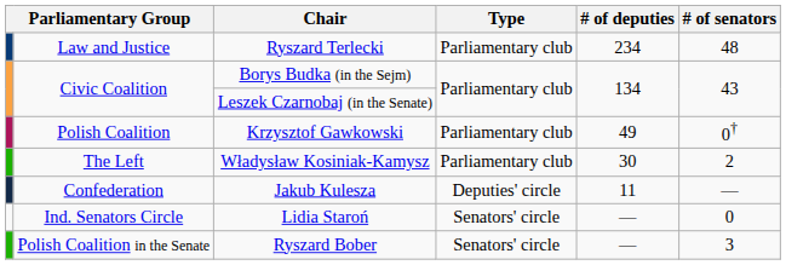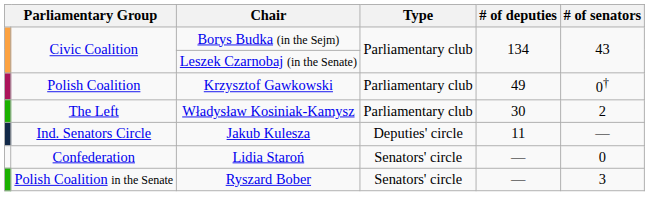 <table class="wikitable" width="auto" style="text-align: center">
 <tr>
 <th colspan="2">Parliamentary Group</th>
 <th>Chair</th>
 <th>Type</th>
 <th># of deputies</th>
 <th># of senators</th>
-</tr>
-<tr>
-<td bgcolor="#073a76"></td>
-<td><a href='#'>Law and Justice</a></td>
-<td><a href='#'>Ryszard Terlecki</a></td>
-<td>Parliamentary club</td>
-<td>234</td>
-<td>48</td>
 </tr>
 <tr>
 <td rowspan="2" bgcolor="#fca241"></td>
 <td rowspan="2"><a href='#'>Civic Coalition</a></td>
 <td><a href='#'>Borys Budka</a> <small>(in the Sejm)</small></td>
 <td rowspan="2">Parliamentary club</td>
 <td rowspan="2">134</td>
 <td rowspan="2">43</td>
 </tr>
 <tr>
 <td><a href='#'>Leszek Czarnobaj</a> <small>(in the Senate)</small></td>
 </tr>
 <tr>
 <td bgcolor="#ac145a"></td>
 <td><a href='#'>Polish Coalition</a></td>
 <td><a href='#'>Krzysztof Gawkowski</a></td>
 <td>Parliamentary club</td>
 <td>49</td>
 <td>0<sup>†</sup></td>
 </tr>
 <tr>
 <td bgcolor="#1bb100"></td>
 <td><a href='#'>The Left</a></td>
 <td><a href='#'>Władysław Kosiniak-Kamysz</a></td>
 <td>Parliamentary club</td>
 <td>30</td>
 <td>2</td>
 </tr>
 <tr>
 <td bgcolor="#122948"></td>
-<td><a href='#'>Confederation</a></td>
+<td><a href='#'>Ind. Senators Circle</a></td>
 <td><a href='#'>Jakub Kulesza</a></td>
 <td>Deputies' circle</td>
 <td>11</td>
 <td>—</td>
 </tr>
 <tr>
 <td></td>
-<td><a href='#'>Ind. Senators Circle</a></td>
+<td><a href='#'>Confederation</a></td>
 <td><a href='#'>Lidia Staroń</a></td>
 <td>Senators' circle</td>
 <td>—</td>
 <td>0</td>
 </tr>
 <tr>
 <td bgcolor="#1bb100"></td>
 <td><a href='#'>Polish Coalition</a> <small>in the Senate</small></td>
 <td><a href='#'>Ryszard Bober</a></td>
 <td>Senators' circle</td>
 <td>—</td>
 <td>3</td>
 </tr>
 </table>
